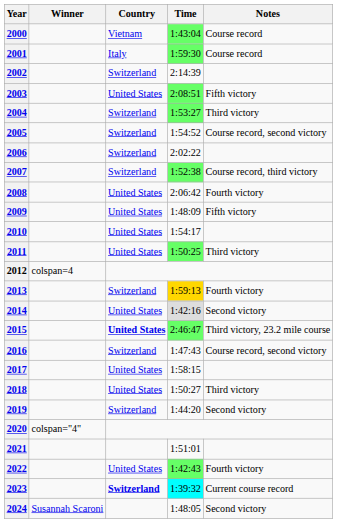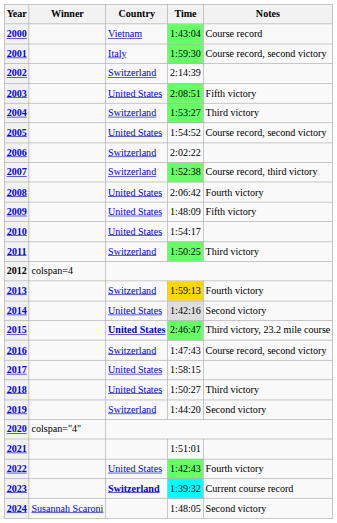 <table class="wikitable sortable" style="font-size:1.00em; line-height:1.5em;">
 <tr>
 <th scope="col">Year</th>
 <th scope="col">Winner</th>
 <th scope="col">Country</th>
 <th scope="col" data-sort-type="time">Time</th>
 <th scope="col" class="unsortable">Notes</th>
 </tr>
 <tr>
 <th scope="row"><a href='#'>2000</a></th>
 <td></td>
 <td> <a href='#'>Vietnam</a></td>
 <td style="background-color:#66ff66">1:43:04</td>
 <td>Course record</td>
 </tr>
 <tr>
 <th scope="row"><a href='#'>2001</a></th>
 <td></td>
 <td> <a href='#'>Italy</a></td>
 <td style="background-color:#66ff66">1:59:30</td>
-<td>Course record</td>
+<td>Course record, second victory</td>
 </tr>
 <tr>
 <th scope="row"><a href='#'>2002</a></th>
 <td></td>
 <td> <a href='#'>Switzerland</a></td>
 <td>2:14:39</td>
 <td></td>
 </tr>
 <tr>
 <th scope="row"><a href='#'>2003</a></th>
 <td></td>
 <td> <a href='#'>United States</a></td>
 <td style="background-color:#66ff66">2:08:51</td>
 <td>Fifth victory</td>
 </tr>
 <tr>
 <th scope="row"><a href='#'>2004</a></th>
 <td></td>
 <td> <a href='#'>Switzerland</a></td>
 <td style="background-color:#66ff66">1:53:27</td>
 <td>Third victory</td>
 </tr>
 <tr>
 <th scope="row"><a href='#'>2005</a></th>
 <td></td>
-<td> <a href='#'>Switzerland</a></td>
+<td> <a href='#'>United States</a></td>
 <td>1:54:52</td>
 <td>Course record, second victory</td>
 </tr>
 <tr>
 <th scope="row"><a href='#'>2006</a></th>
 <td></td>
 <td> <a href='#'>Switzerland</a></td>
 <td>2:02:22</td>
 <td></td>
 </tr>
 <tr>
 <th scope="row"><a href='#'>2007</a></th>
 <td></td>
 <td> <a href='#'>Switzerland</a></td>
 <td style="background-color:#66ff66">1:52:38</td>
 <td>Course record, third victory</td>
 </tr>
 <tr>
 <th scope="row"><a href='#'>2008</a></th>
 <td></td>
 <td> <a href='#'>United States</a></td>
 <td>2:06:42</td>
 <td>Fourth victory</td>
 </tr>
 <tr>
 <th scope="row"><a href='#'>2009</a></th>
 <td></td>
 <td> <a href='#'>United States</a></td>
 <td>1:48:09</td>
 <td>Fifth victory</td>
 </tr>
 <tr>
 <th scope="row"><a href='#'>2010</a></th>
 <td></td>
 <td> <a href='#'>United States</a></td>
 <td>1:54:17</td>
 <td></td>
 </tr>
 <tr>
 <th scope="row"><a href='#'>2011</a></th>
 <td></td>
-<td> <a href='#'>United States</a></td>
+<td> <a href='#'>Switzerland</a></td>
 <td style="background-color:#66ff66">1:50:25</td>
 <td>Third victory</td>
 </tr>
 <tr>
 <th scope="row">2012</th>
 <td>colspan=4 </td>
 </tr>
 <tr>
 <th scope="row"><a href='#'>2013</a></th>
 <td></td>
 <td> <a href='#'>Switzerland</a></td>
 <td style="background: gold;">1:59:13</td>
 <td>Fourth victory</td>
 </tr>
 <tr>
 <th scope="row"><a href='#'>2014</a></th>
 <td></td>
 <td> <a href='#'>United States</a></td>
 <td style="background-color:#dddddd">1:42:16</td>
 <td>Second victory</td>
 </tr>
 <tr>
 <th scope="row"><a href='#'>2015</a></th>
 <td></td>
 <td><strong> <a href='#'>United States</a></strong></td>
 <td style="background-color:#66ff66">2:46:47</td>
 <td>Third victory, 23.2 mile course</td>
 </tr>
 <tr>
 <th scope="row"><a href='#'>2016</a></th>
 <td></td>
 <td> <a href='#'>Switzerland</a></td>
 <td>1:47:43</td>
 <td>Course record, second victory</td>
 </tr>
 <tr>
 <th scope="row"><a href='#'>2017</a></th>
 <td></td>
 <td> <a href='#'>United States</a></td>
 <td>1:58:15</td>
 <td></td>
 </tr>
 <tr>
 <th scope="row"><a href='#'>2018</a></th>
 <td></td>
 <td> <a href='#'>United States</a></td>
 <td>1:50:27</td>
 <td>Third victory</td>
 </tr>
 <tr>
 <th scope="row"><a href='#'>2019</a></th>
 <td></td>
 <td> <a href='#'>Switzerland</a></td>
 <td>1:44:20</td>
 <td>Second victory</td>
 </tr>
 <tr>
 <th scope="row"><a href='#'>2020</a></th>
 <td>colspan="4" </td>
 </tr>
 <tr>
 <th scope="row"><a href='#'>2021</a></th>
 <td></td>
 <td></td>
 <td>1:51:01</td>
 <td></td>
 </tr>
 <tr>
 <th scope="row"><a href='#'>2022</a></th>
 <td></td>
 <td> <a href='#'>United States</a></td>
 <td style="background-color:#66ff66">1:42:43</td>
 <td>Fourth victory</td>
 </tr>
 <tr>
 <th scope="row"><a href='#'>2023</a></th>
 <td></td>
 <td><strong> <a href='#'>Switzerland</a></strong></td>
 <td style="background-color:#00ffff">1:39:32</td>
 <td>Current course record</td>
 </tr>
 <tr>
 <th><a href='#'>2024</a></th>
 <td><a href='#'>Susannah Scaroni</a></td>
 <td></td>
 <td>1:48:05</td>
 <td>Second victory</td>
 </tr>
 </table>
